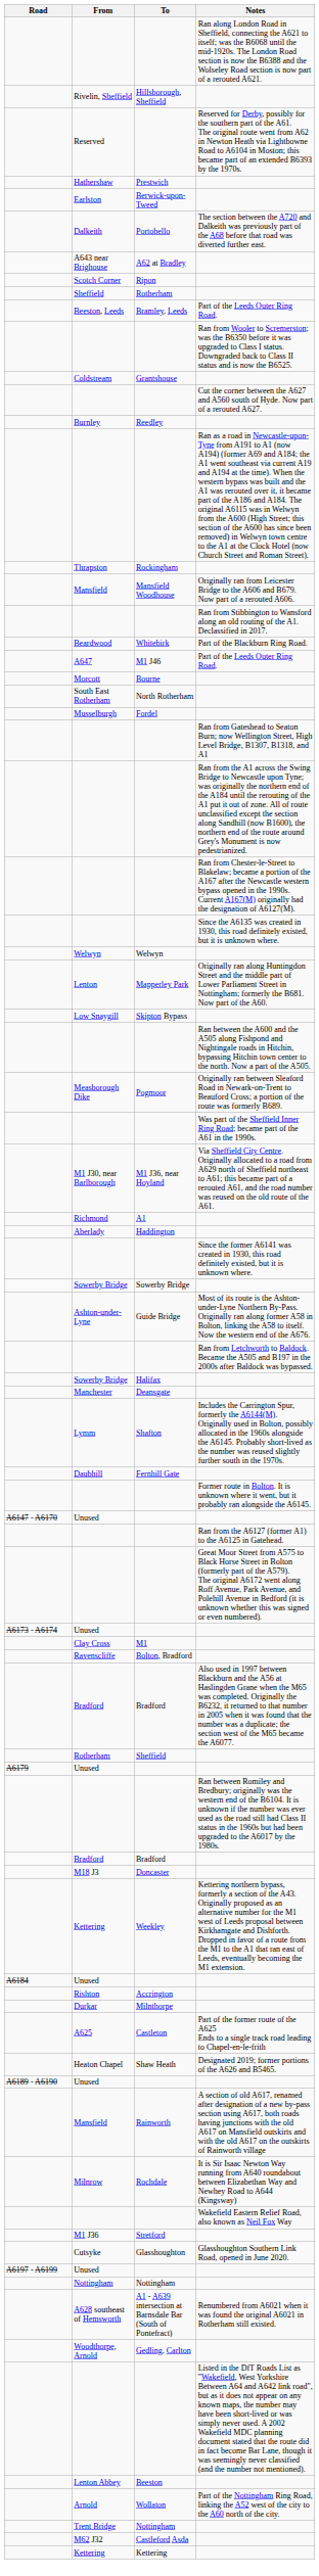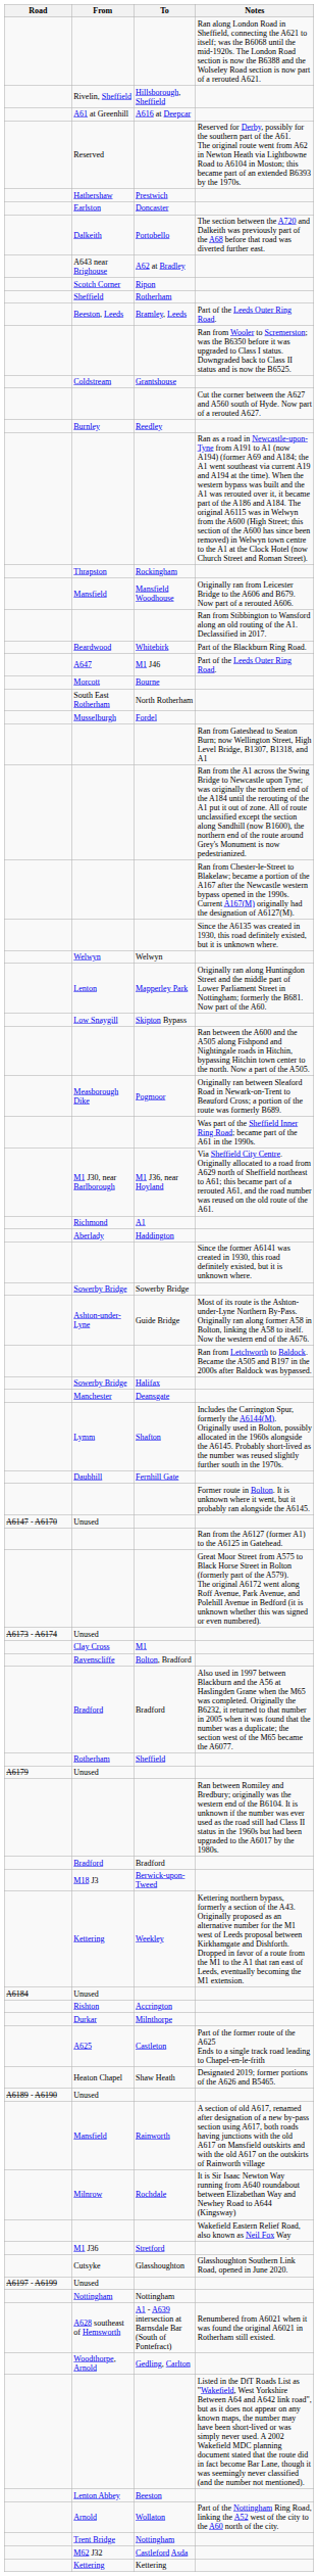 <table class="wikitable">
 <tr>
 <th width=125px>Road</th>
 <th width="20%">From</th>
 <th width="20%">To</th>
 <th>Notes</th>
 </tr>
 <tr>
 <td><em></em></td>
 <td></td>
 <td></td>
 <td>Ran along London Road in Sheffield, connecting the A621 to itself; was the B6068 until the mid-1920s. The London Road section is now the B6388 and the Wolseley Road section is now part of a rerouted A621.</td>
 </tr>
 <tr>
 <td></td>
 <td>Rivelin, <a href='#'>Sheffield</a></td>
 <td><a href='#'>Hillsborough</a>, <a href='#'>Sheffield</a></td>
 <td></td>
 </tr>
 <tr>
+<td></td>
+<td><a href='#'>A61</a> at Greenhill</td>
+<td><a href='#'>A616</a> at <a href='#'>Deepcar</a></td>
+<td></td>
+</tr>
+<tr>
 <td><em></em></td>
 <td>Reserved</td>
 <td></td>
 <td>Reserved for <a href='#'>Derby</a>, possibly for the southern part of the A61.<br>The original route went from A62 in Newton Heath via Lightbowne Road to A6104 in Moston; this became part of an extended B6393 by the 1970s.</td>
 </tr>
 <tr>
 <td></td>
 <td><a href='#'>Hathershaw</a></td>
 <td><a href='#'>Prestwich</a></td>
 <td></td>
 </tr>
 <tr>
 <td></td>
 <td><a href='#'>Earlston</a></td>
-<td><a href='#'>Berwick-upon-Tweed</a></td>
+<td><a href='#'>Doncaster</a></td>
 <td></td>
 </tr>
 <tr>
 <td></td>
 <td><a href='#'>Dalkeith</a></td>
 <td><a href='#'>Portobello</a></td>
 <td>The section between the <a href='#'>A720</a> and Dalkeith was previously part of the <a href='#'>A68</a> before that road was diverted further east.</td>
 </tr>
 <tr>
 <td></td>
 <td>A643 near <a href='#'>Brighouse</a></td>
 <td><a href='#'>A62</a> at <a href='#'>Bradley</a></td>
 <td></td>
 </tr>
 <tr>
 <td></td>
 <td><a href='#'>Scotch Corner</a></td>
 <td><a href='#'>Ripon</a></td>
 <td></td>
 </tr>
 <tr>
 <td></td>
 <td><a href='#'>Sheffield</a></td>
 <td><a href='#'>Rotherham</a></td>
 <td></td>
 </tr>
 <tr>
 <td></td>
 <td><a href='#'>Beeston</a>, <a href='#'>Leeds</a></td>
 <td><a href='#'>Bramley</a>, <a href='#'>Leeds</a></td>
 <td>Part of the <a href='#'>Leeds Outer Ring Road</a>.</td>
 </tr>
 <tr>
 <td><em></em></td>
 <td></td>
 <td></td>
 <td>Ran from <a href='#'>Wooler</a> to <a href='#'>Scremerston</a>; was the B6350 before it was upgraded to Class I status. Downgraded back to Class II status and is now the B6525.</td>
 </tr>
 <tr>
 <td></td>
 <td><a href='#'>Coldstream</a></td>
 <td><a href='#'>Grantshouse</a></td>
 <td></td>
 </tr>
 <tr>
 <td><em></em></td>
 <td></td>
 <td></td>
 <td>Cut the corner between the A627 and A560 south of Hyde. Now part of a rerouted A627.</td>
 </tr>
 <tr>
 <td></td>
 <td><a href='#'>Burnley</a></td>
 <td><a href='#'>Reedley</a></td>
 <td></td>
 </tr>
 <tr>
 <td><em></em></td>
 <td></td>
 <td></td>
 <td>Ran as a road in <a href='#'>Newcastle-upon-Tyne</a> from A191 to A1 (now A194) (former A69 and A184; the A1 went southeast via current A19 and A194 at the time). When the western bypass was built and the A1 was rerouted over it, it became part of the A186 and A184. The original A6115 was in Welwyn from the A600 (High Street; this section of the A600 has since been removed) in Welwyn town centre to the A1 at the Clock Hotel (now Church Street and Roman Street).</td>
 </tr>
 <tr>
 <td></td>
 <td><a href='#'>Thrapston</a></td>
 <td><a href='#'>Rockingham</a></td>
 <td></td>
 </tr>
 <tr>
 <td></td>
 <td><a href='#'>Mansfield</a></td>
 <td><a href='#'>Mansfield Woodhouse</a></td>
 <td>Originally ran from Leicester Bridge to the A606 and B679. Now part of a rerouted A606.</td>
 </tr>
 <tr>
 <td><em></em></td>
 <td></td>
 <td></td>
 <td>Ran from Stibbington to Wansford along an old routing of the A1. Declassified in 2017.</td>
 </tr>
 <tr>
 <td></td>
 <td><a href='#'>Beardwood</a></td>
 <td><a href='#'>Whitebirk</a></td>
 <td>Part of the Blackburn Ring Road.</td>
 </tr>
 <tr>
 <td></td>
 <td><a href='#'>A647</a></td>
 <td><a href='#'>M1</a> J46</td>
 <td>Part of the <a href='#'>Leeds Outer Ring Road</a>.</td>
 </tr>
 <tr>
 <td></td>
 <td><a href='#'>Morcott</a></td>
 <td><a href='#'>Bourne</a></td>
 <td></td>
 </tr>
 <tr>
 <td></td>
 <td>South East <a href='#'>Rotherham</a></td>
 <td>North Rotherham</td>
 <td></td>
 </tr>
 <tr>
 <td></td>
 <td><a href='#'>Musselburgh</a></td>
 <td><a href='#'>Fordel</a></td>
 <td></td>
 </tr>
 <tr>
 <td><em></em></td>
 <td></td>
 <td></td>
 <td>Ran from Gateshead to Seaton Burn; now Wellington Street, High Level Bridge, B1307, B1318, and A1</td>
 </tr>
 <tr>
 <td><em></em></td>
 <td></td>
 <td></td>
 <td>Ran from the A1 across the Swing Bridge to Newcastle upon Tyne; was originally the northern end of the A184 until the rerouting of the A1 put it out of zone. All of route unclassified except the section along Sandhill (now B1600), the northern end of the route around Grey's Monument is now pedestrianized.</td>
 </tr>
 <tr>
 <td><em></em></td>
 <td></td>
 <td></td>
 <td>Ran from Chester-le-Street to Blakelaw; became a portion of the A167 after the Newcastle western bypass opened in the 1990s. Current <a href='#'>A167(M)</a> originally had the designation of A6127(M).</td>
 </tr>
 <tr>
 <td><em></em></td>
 <td></td>
 <td></td>
 <td>Since the A6135 was created in 1930, this road definitely existed, but it is unknown where.</td>
 </tr>
 <tr>
 <td></td>
 <td><a href='#'>Welwyn</a></td>
 <td>Welwyn</td>
 <td></td>
 </tr>
 <tr>
 <td></td>
 <td><a href='#'>Lenton</a></td>
 <td><a href='#'>Mapperley Park</a></td>
 <td>Originally ran along Huntingdon Street and the middle part of Lower Parliament Street in Nottingham; formerly the B681. Now part of the A60.</td>
 </tr>
 <tr>
 <td></td>
 <td><a href='#'>Low Snaygill</a></td>
 <td><a href='#'>Skipton</a> Bypass</td>
 <td></td>
 </tr>
 <tr>
 <td><em></em></td>
 <td></td>
 <td></td>
 <td>Ran between the A600 and the A505 along Fishpond and Nightingale roads in Hitchin, bypassing Hitchin town center to the north. Now a part of the A505.</td>
 </tr>
 <tr>
 <td></td>
 <td><a href='#'>Measborough Dike</a></td>
 <td><a href='#'>Pogmoor</a></td>
 <td>Originally ran between Sleaford Road in Newark-on-Trent to Beauford Cross; a portion of the route was formerly B689.</td>
 </tr>
 <tr>
 <td><em></em></td>
 <td></td>
 <td></td>
 <td>Was part of the <a href='#'>Sheffield Inner Ring Road</a>; became part of the A61 in the 1990s.</td>
 </tr>
 <tr>
 <td></td>
 <td><a href='#'>M1</a> J30, near <a href='#'>Barlborough</a></td>
 <td><a href='#'>M1</a> J36, near <a href='#'>Hoyland</a></td>
 <td>Via <a href='#'>Sheffield City Centre</a>.<br>Originally allocated to a road from A629 north of Sheffield northeast to A61; this became part of a rerouted A61, and the road number was reused on the old route of the A61.</td>
 </tr>
 <tr>
 <td></td>
 <td><a href='#'>Richmond</a></td>
 <td><a href='#'>A1</a></td>
 <td></td>
 </tr>
 <tr>
 <td></td>
 <td><a href='#'>Aberlady</a></td>
 <td><a href='#'>Haddington</a></td>
 <td></td>
 </tr>
 <tr>
 <td><em></em></td>
 <td></td>
 <td></td>
 <td>Since the former A6141 was created in 1930, this road definitely existed, but it is unknown where.</td>
 </tr>
 <tr>
 <td></td>
 <td><a href='#'>Sowerby Bridge</a></td>
 <td>Sowerby Bridge</td>
 <td></td>
 </tr>
 <tr>
 <td></td>
 <td><a href='#'>Ashton-under-Lyne</a></td>
 <td>Guide Bridge</td>
 <td>Most of its route is the Ashton-under-Lyne Northern By-Pass.<br>Originally ran along former A58 in Bolton, linking the A58 to itself. Now the western end of the A676.</td>
 </tr>
 <tr>
 <td><em></em></td>
 <td></td>
 <td></td>
 <td>Ran from <a href='#'>Letchworth</a> to <a href='#'>Baldock</a>. Became the A505 and B197 in the 2000s after Baldock was bypassed.</td>
 </tr>
 <tr>
 <td></td>
 <td><a href='#'>Sowerby Bridge</a></td>
 <td><a href='#'>Halifax</a></td>
 <td></td>
 </tr>
 <tr>
 <td></td>
 <td><a href='#'>Manchester</a></td>
 <td><a href='#'>Deansgate</a></td>
 <td></td>
 </tr>
 <tr>
 <td></td>
 <td><a href='#'>Lymm</a></td>
 <td><a href='#'>Shafton</a></td>
 <td>Includes the Carrington Spur, formerly the <a href='#'>A6144(M)</a>.<br>Originally used in Bolton, possibly allocated in the 1960s alongside the A6145. Probably short-lived as the number was reused slightly further south in the 1970s.</td>
 </tr>
 <tr>
 <td></td>
 <td><a href='#'>Daubhill</a></td>
 <td><a href='#'>Fernhill Gate</a></td>
 <td></td>
 </tr>
 <tr>
 <td></td>
 <td></td>
 <td></td>
 <td>Former route in <a href='#'>Bolton</a>. It is unknown where it went, but it probably ran alongside the A6145.</td>
 </tr>
 <tr>
 <td><s>A6147</s> - <s>A6170</s></td>
 <td>Unused</td>
 <td></td>
 <td></td>
 </tr>
 <tr>
 <td><em></em></td>
 <td></td>
 <td></td>
 <td>Ran from the A6127 (former A1) to the A6125 in Gatehead.</td>
 </tr>
 <tr>
 <td></td>
 <td></td>
 <td></td>
 <td>Great Moor Street from A575 to Black Horse Street in Bolton (formerly part of the A579).<br>The original A6172 went along Roff Avenue, Park Avenue, and Polehill Avenue in Bedford (it is unknown whether this was signed or even numbered).</td>
 </tr>
 <tr>
 <td><s>A6173</s> - <s>A6174</s></td>
 <td>Unused</td>
 <td></td>
 <td></td>
 </tr>
 <tr>
 <td></td>
 <td><a href='#'>Clay Cross</a></td>
 <td><a href='#'>M1</a></td>
 <td></td>
 </tr>
 <tr>
 <td></td>
 <td><a href='#'>Ravenscliffe</a></td>
 <td><a href='#'>Bolton</a>, Bradford</td>
 <td></td>
 </tr>
 <tr>
 <td></td>
 <td><a href='#'>Bradford</a></td>
 <td>Bradford</td>
 <td>Also used in 1997 between Blackburn and the A56 at Haslingden Grane when the M65 was completed. Originally the B6232, it returned to that number in 2005 when it was found that the number was a duplicate; the section west of the M65 became the A6077.</td>
 </tr>
 <tr>
 <td></td>
 <td><a href='#'>Rotherham</a></td>
 <td><a href='#'>Sheffield</a></td>
 <td></td>
 </tr>
 <tr>
 <td><s>A6179</s></td>
 <td>Unused</td>
 <td></td>
 <td></td>
 </tr>
 <tr>
 <td><em></em></td>
 <td></td>
 <td></td>
 <td>Ran between Romiley and Bredbury; originally was the western end of the B6104. It is unknown if the number was ever used as the road still had Class II status in the 1960s but had been upgraded to the A6017 by the 1980s.</td>
 </tr>
 <tr>
 <td></td>
 <td><a href='#'>Bradford</a></td>
 <td>Bradford</td>
 <td></td>
 </tr>
 <tr>
 <td></td>
 <td><a href='#'>M18</a> J3</td>
-<td><a href='#'>Doncaster</a></td>
+<td><a href='#'>Berwick-upon-Tweed</a></td>
 <td></td>
 </tr>
 <tr>
 <td></td>
 <td><a href='#'>Kettering</a></td>
 <td><a href='#'>Weekley</a></td>
 <td>Kettering northern bypass, formerly a section of the A43.<br>Originally proposed as an alternative number for the M1 west of Leeds proposal between Kirkhamgate and Dishforth. Dropped in favor of a route from the M1 to the A1 that ran east of Leeds, eventually becoming the M1 extension.</td>
 </tr>
 <tr>
 <td><s>A6184</s></td>
 <td>Unused</td>
 <td></td>
 <td></td>
 </tr>
 <tr>
 <td></td>
 <td><a href='#'>Rishton</a></td>
 <td><a href='#'>Accrington</a></td>
 <td></td>
 </tr>
 <tr>
 <td></td>
 <td><a href='#'>Durkar</a></td>
 <td><a href='#'>Milnthorpe</a></td>
 <td></td>
 </tr>
 <tr>
 <td></td>
 <td><a href='#'>A625</a></td>
 <td><a href='#'>Castleton</a></td>
 <td>Part of the former route of the A625<br>Ends to a single track road leading to Chapel-en-le-frith</td>
 </tr>
 <tr>
 <td></td>
 <td>Heaton Chapel</td>
 <td>Shaw Heath</td>
 <td>Designated 2019; former portions of the A626 and B5465.</td>
 </tr>
 <tr>
 <td><s>A6189</s> - <s>A6190</s></td>
 <td>Unused</td>
 <td></td>
 <td></td>
 </tr>
 <tr>
 <td></td>
 <td><a href='#'>Mansfield</a></td>
 <td><a href='#'>Rainworth</a></td>
 <td>A section of old A617, renamed after designation of a new by-pass section using A617, both roads having junctions with the old A617 on Mansfield outskirts and with the old A617 on the outskirts of Rainworth village</td>
 </tr>
 <tr>
 <td></td>
 <td><a href='#'>Milnrow</a></td>
 <td><a href='#'>Rochdale</a></td>
 <td>It is Sir Isaac Newton Way running from A640 roundabout between Elizabethan Way and Newhey Road to A644 (Kingsway)</td>
 </tr>
 <tr>
 <td></td>
 <td></td>
 <td></td>
 <td>Wakefield Eastern Relief Road, also known as <a href='#'>Neil Fox</a> Way</td>
 </tr>
 <tr>
 <td></td>
 <td><a href='#'>M1</a> J36</td>
 <td><a href='#'>Stretford</a></td>
 <td></td>
 </tr>
 <tr>
 <td></td>
 <td>Cutsyke</td>
 <td>Glasshoughton</td>
 <td>Glasshoughton Southern Link Road, opened in June 2020.</td>
 </tr>
 <tr>
 <td><s>A6197</s> - <s>A6199</s></td>
 <td>Unused</td>
 <td></td>
 <td></td>
 </tr>
 <tr>
 <td></td>
 <td><a href='#'>Nottingham</a></td>
 <td>Nottingham</td>
 <td></td>
 </tr>
 <tr>
 <td></td>
 <td><a href='#'>A628</a> southeast of <a href='#'>Hemsworth</a></td>
 <td><a href='#'>A1</a> - <a href='#'>A639</a> intersection at Barnsdale Bar (South of Pontefract)</td>
 <td>Renumbered from A6021 when it was found the original A6021 in Rotherham still existed.</td>
 </tr>
 <tr>
 <td></td>
 <td><a href='#'>Woodthorpe</a>, <a href='#'>Arnold</a></td>
 <td><a href='#'>Gedling</a>, <a href='#'>Carlton</a></td>
 <td></td>
 </tr>
 <tr>
 <td><em></em></td>
 <td></td>
 <td></td>
 <td>Listed in the DfT Roads List as "<a href='#'>Wakefield</a>, West Yorkshire Between A64 and A642 link road", but as it does not appear on any known maps, the number may have been short-lived or was simply never used. A 2002 Wakefield MDC planning document stated that the route did in fact become Bar Lane, though it was seemingly never classified (and the number not mentioned).</td>
 </tr>
 <tr>
 <td></td>
 <td><a href='#'>Lenton Abbey</a></td>
 <td><a href='#'>Beeston</a></td>
 <td></td>
 </tr>
 <tr>
 <td></td>
 <td><a href='#'>Arnold</a></td>
 <td><a href='#'>Wollaton</a></td>
 <td>Part of the <a href='#'>Nottingham</a> Ring Road, linking the <a href='#'>A52</a> west of the city to the <a href='#'>A60</a> north of the city.</td>
 </tr>
 <tr>
 <td></td>
 <td><a href='#'>Trent Bridge</a></td>
 <td><a href='#'>Nottingham</a></td>
 <td></td>
 </tr>
 <tr>
 <td></td>
 <td><a href='#'>M62</a> J32</td>
 <td><a href='#'>Castleford</a> <a href='#'>Asda</a></td>
 <td></td>
 </tr>
 <tr>
 <td></td>
 <td><a href='#'>Kettering</a></td>
 <td>Kettering</td>
 <td></td>
 </tr>
 </table>
